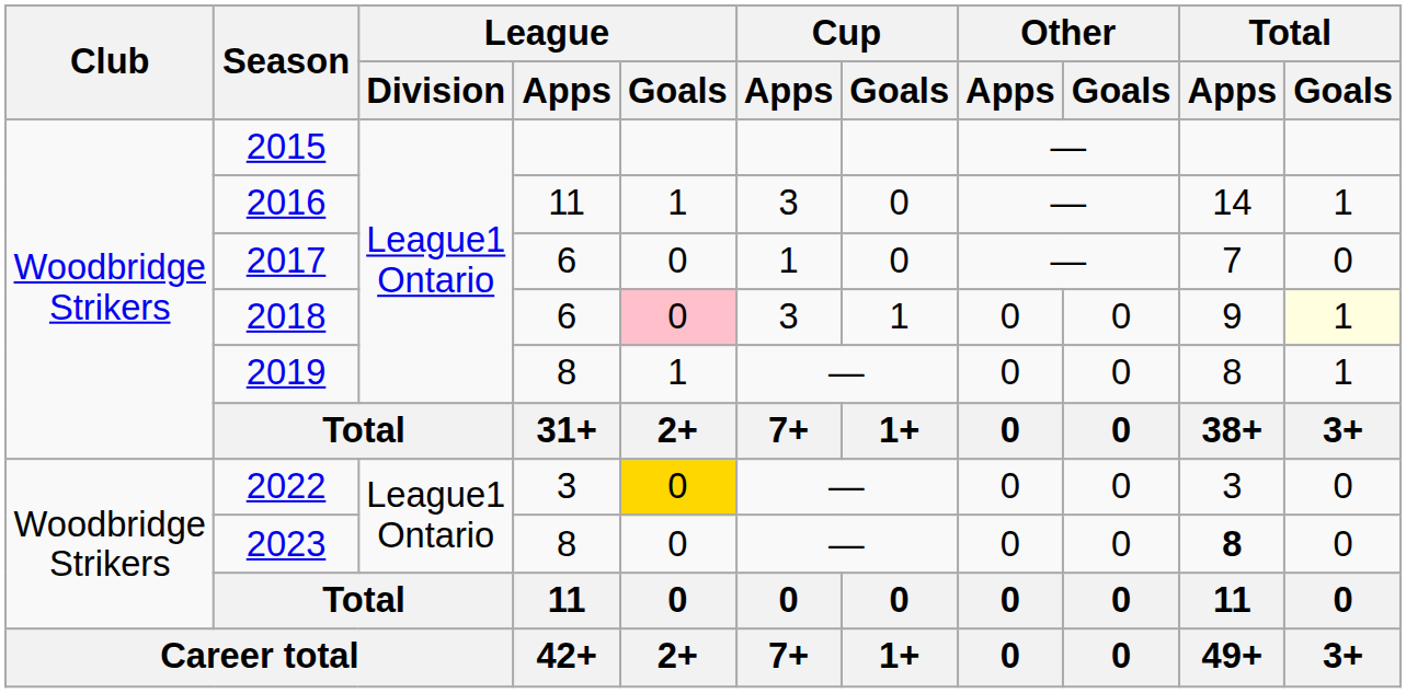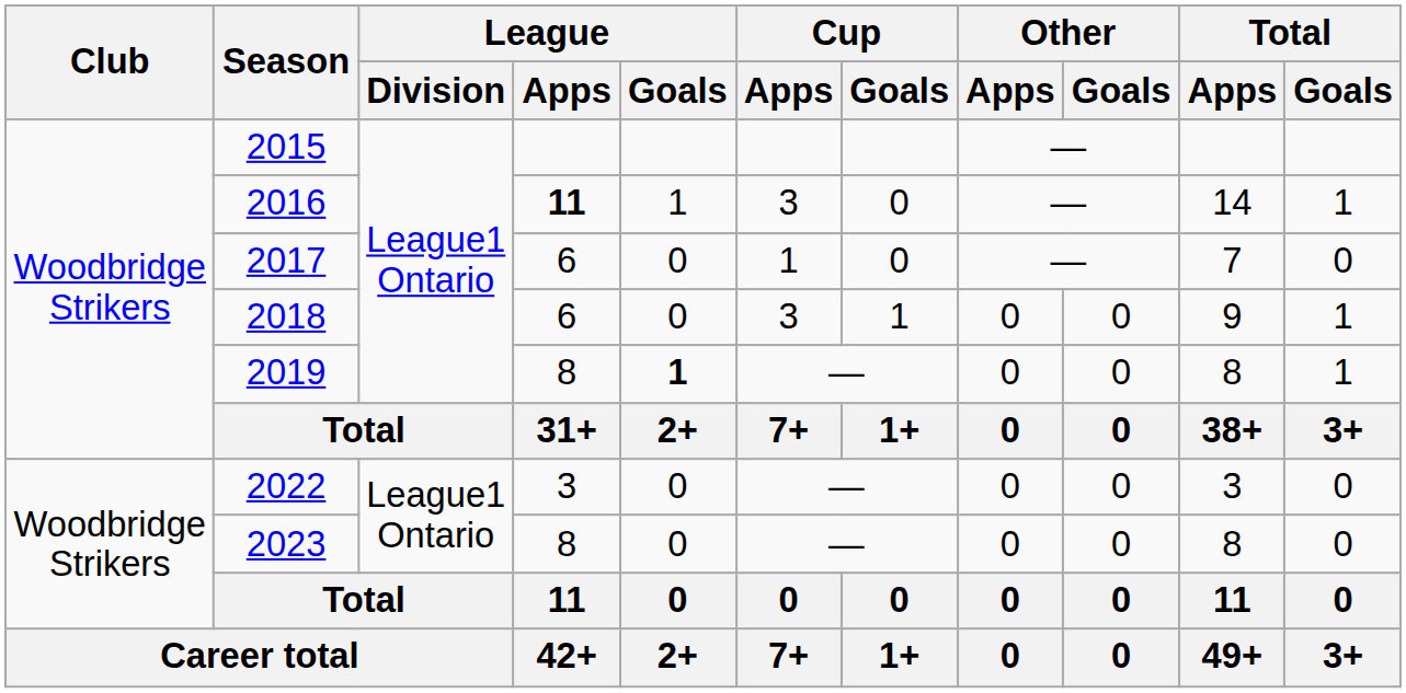 <table class="wikitable" style="text-align: center;">
 <tr>
 <th rowspan=2>Club</th>
 <th rowspan=2>Season</th>
 <th colspan=3>League</th>
 <th colspan=2>Cup</th>
 <th colspan=2>Other</th>
 <th colspan=2>Total</th>
 </tr>
 <tr>
 <th>Division</th>
 <th>Apps</th>
 <th>Goals</th>
 <th>Apps</th>
 <th>Goals</th>
 <th>Apps</th>
 <th>Goals</th>
 <th>Apps</th>
 <th>Goals</th>
 </tr>
 <tr>
 <td rowspan=6><a href='#'>Woodbridge Strikers</a></td>
 <td><a href='#'>2015</a></td>
 <td rowspan=5><a href='#'>League1 Ontario</a></td>
 <td></td>
 <td></td>
 <td></td>
 <td></td>
 <td colspan=2>—</td>
 <td></td>
 <td></td>
 </tr>
 <tr>
 <td><a href='#'>2016</a></td>
-<td>11</td>
+<td><strong>11</strong></td>
 <td>1</td>
 <td>3</td>
 <td>0</td>
 <td colspan=2>—</td>
 <td>14</td>
 <td>1</td>
 </tr>
 <tr>
 <td><a href='#'>2017</a></td>
 <td>6</td>
 <td>0</td>
 <td>1</td>
 <td>0</td>
 <td colspan=2>—</td>
 <td>7</td>
 <td>0</td>
 </tr>
 <tr>
 <td><a href='#'>2018</a></td>
 <td>6</td>
-<td style="background: pink;">0</td>
+<td>0</td>
 <td>3</td>
 <td>1</td>
 <td>0</td>
 <td>0</td>
 <td>9</td>
-<td style="background: lightyellow;">1</td>
+<td>1</td>
 </tr>
 <tr>
 <td><a href='#'>2019</a></td>
 <td>8</td>
-<td>1</td>
+<td><strong>1</strong></td>
 <td colspan=2>—</td>
 <td>0</td>
 <td>0</td>
 <td>8</td>
 <td>1</td>
 </tr>
 <tr>
 <th colspan=2>Total</th>
 <th>31+</th>
 <th>2+</th>
 <th>7+</th>
 <th>1+</th>
 <th>0</th>
 <th>0</th>
 <th>38+</th>
 <th>3+</th>
 </tr>
 <tr>
 <td rowspan=3>Woodbridge Strikers</td>
 <td><a href='#'>2022</a></td>
 <td rowspan=2>League1 Ontario</td>
 <td>3</td>
-<td style="background: gold;">0</td>
+<td>0</td>
 <td colspan=2>—</td>
 <td>0</td>
 <td>0</td>
 <td>3</td>
 <td>0</td>
 </tr>
 <tr>
 <td><a href='#'>2023</a></td>
 <td>8</td>
 <td>0</td>
 <td colspan=2>—</td>
 <td>0</td>
 <td>0</td>
-<td><strong>8</strong></td>
+<td>8</td>
 <td>0</td>
 </tr>
 <tr>
 <th colspan=2>Total</th>
 <th>11</th>
 <th>0</th>
 <th>0</th>
 <th>0</th>
 <th>0</th>
 <th>0</th>
 <th>11</th>
 <th>0</th>
 </tr>
 <tr>
 <th colspan=3>Career total</th>
 <th>42+</th>
 <th>2+</th>
 <th>7+</th>
 <th>1+</th>
 <th>0</th>
 <th>0</th>
 <th>49+</th>
 <th>3+</th>
 </tr>
 </table>
